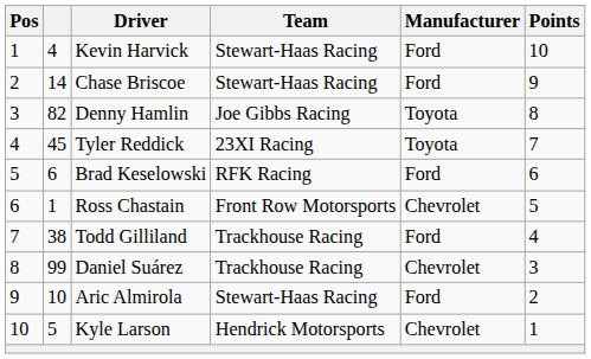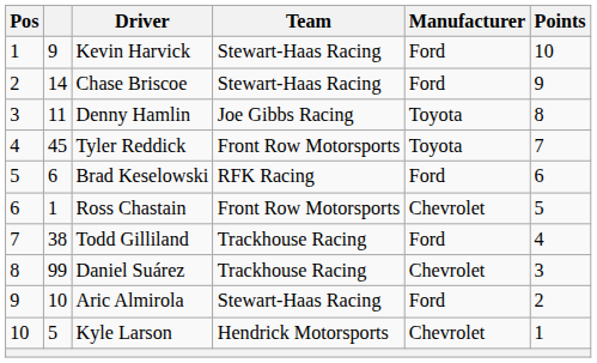 <table class="wikitable" style="font-size:98%">
 <tr>
 <th>Pos</th>
 <th></th>
 <th>Driver</th>
 <th>Team</th>
 <th>Manufacturer</th>
 <th>Points</th>
 </tr>
 <tr>
 <td>1</td>
-<td>4</td>
+<td>9</td>
 <td>Kevin Harvick</td>
 <td>Stewart-Haas Racing</td>
 <td>Ford</td>
 <td>10</td>
 </tr>
 <tr>
 <td>2</td>
 <td>14</td>
 <td>Chase Briscoe</td>
 <td>Stewart-Haas Racing</td>
 <td>Ford</td>
 <td>9</td>
 </tr>
 <tr>
 <td>3</td>
-<td>82</td>
+<td>11</td>
 <td>Denny Hamlin</td>
 <td>Joe Gibbs Racing</td>
 <td>Toyota</td>
 <td>8</td>
 </tr>
 <tr>
 <td>4</td>
 <td>45</td>
 <td>Tyler Reddick</td>
-<td>23XI Racing</td>
+<td>Front Row Motorsports</td>
 <td>Toyota</td>
 <td>7</td>
 </tr>
 <tr>
 <td>5</td>
 <td>6</td>
 <td>Brad Keselowski</td>
 <td>RFK Racing</td>
 <td>Ford</td>
 <td>6</td>
 </tr>
 <tr>
 <td>6</td>
 <td>1</td>
 <td>Ross Chastain</td>
 <td>Front Row Motorsports</td>
 <td>Chevrolet</td>
 <td>5</td>
 </tr>
 <tr>
 <td>7</td>
 <td>38</td>
 <td>Todd Gilliland</td>
 <td>Trackhouse Racing</td>
 <td>Ford</td>
 <td>4</td>
 </tr>
 <tr>
 <td>8</td>
 <td>99</td>
 <td>Daniel Suárez</td>
 <td>Trackhouse Racing</td>
 <td>Chevrolet</td>
 <td>3</td>
 </tr>
 <tr>
 <td>9</td>
 <td>10</td>
 <td>Aric Almirola</td>
 <td>Stewart-Haas Racing</td>
 <td>Ford</td>
 <td>2</td>
 </tr>
 <tr>
 <td>10</td>
 <td>5</td>
 <td>Kyle Larson</td>
 <td>Hendrick Motorsports</td>
 <td>Chevrolet</td>
 <td>1</td>
 </tr>
 <tr>
 <th colspan="6"></th>
 </tr>
 </table>
